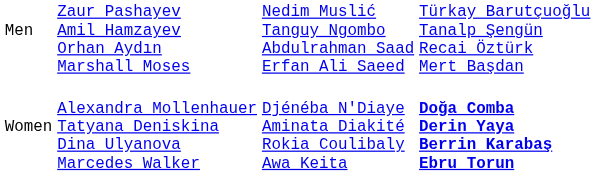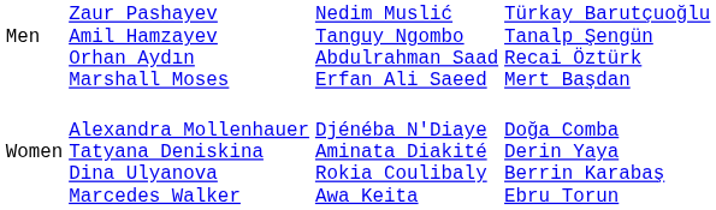 <table>
 <tr>
 <td>Men</td>
 <td><br><a href='#'>Zaur Pashayev</a><br><a href='#'>Amil Hamzayev</a><br><a href='#'>Orhan Aydın</a><br><a href='#'>Marshall Moses</a></td>
 <td><br><a href='#'>Nedim Muslić</a><br><a href='#'>Tanguy Ngombo</a><br><a href='#'>Abdulrahman Saad</a><br><a href='#'>Erfan Ali Saeed</a></td>
 <td><br><a href='#'>Türkay Barutçuoğlu</a><br><a href='#'>Tanalp Şengün</a><br><a href='#'>Recai Öztürk</a><br><a href='#'>Mert Başdan</a></td>
 </tr>
 <tr>
 <td>Women</td>
 <td><br><a href='#'>Alexandra Mollenhauer</a><br><a href='#'>Tatyana Deniskina</a><br><a href='#'>Dina Ulyanova</a><br><a href='#'>Marcedes Walker</a></td>
 <td><br><a href='#'>Djénéba N'Diaye</a><br><a href='#'>Aminata Diakité</a><br><a href='#'>Rokia Coulibaly</a><br><a href='#'>Awa Keita</a></td>
-<td><strong><br><a href='#'>Doğa Comba</a><br><a href='#'>Derin Yaya</a><br><a href='#'>Berrin Karabaş</a><br><a href='#'>Ebru Torun</a></strong></td>
+<td><br><a href='#'>Doğa Comba</a><br><a href='#'>Derin Yaya</a><br><a href='#'>Berrin Karabaş</a><br><a href='#'>Ebru Torun</a></td>
 </tr>
 </table>
